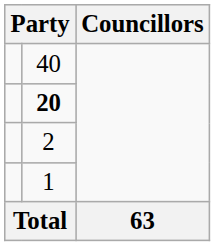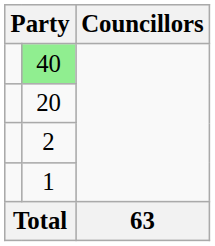 <table class="wikitable">
 <tr>
 <th colspan=2>Party</th>
 <th>Councillors</th>
 </tr>
 <tr>
 <td></td>
-<td align=center>40</td>
+<td align=center style="background: lightgreen;">40</td>
 </tr>
 <tr>
 <td></td>
-<td align=center><strong>20</strong></td>
+<td align=center>20</td>
 </tr>
 <tr>
 <td></td>
 <td align=center>2</td>
 </tr>
 <tr>
 <td></td>
 <td align=center>1</td>
 </tr>
 <tr>
 <th colspan=2>Total</th>
 <th align=center>63</th>
 </tr>
 </table>
